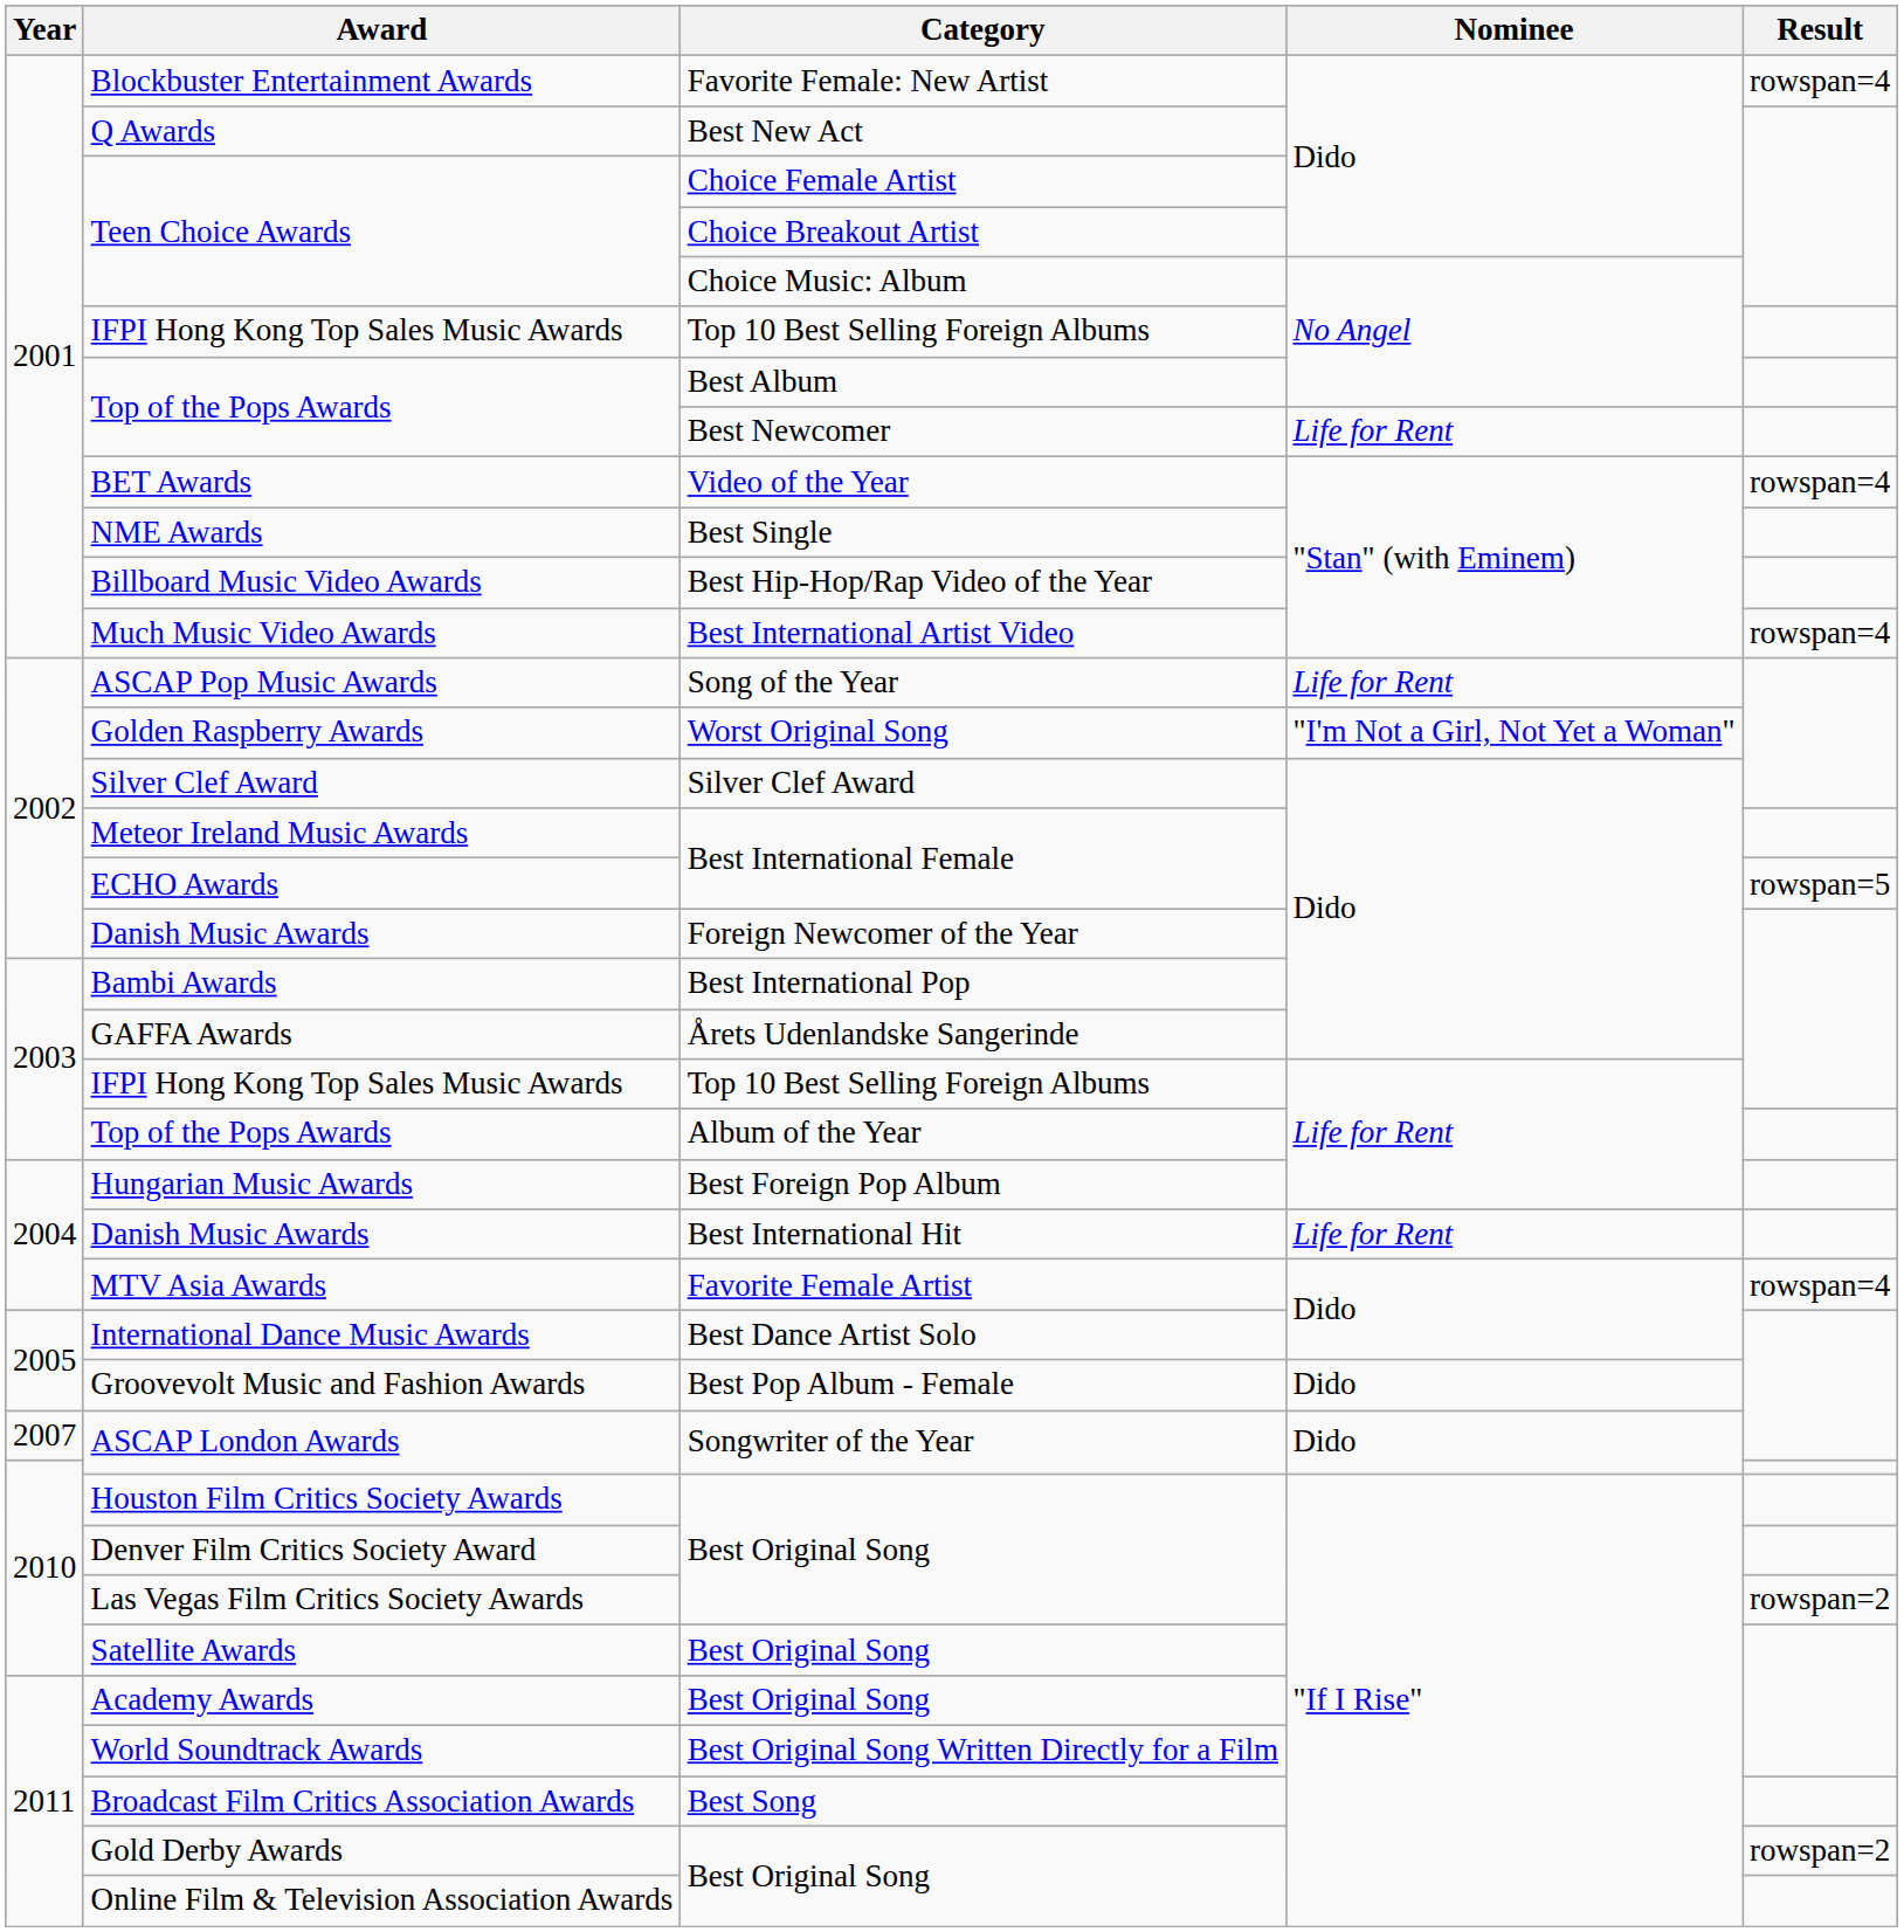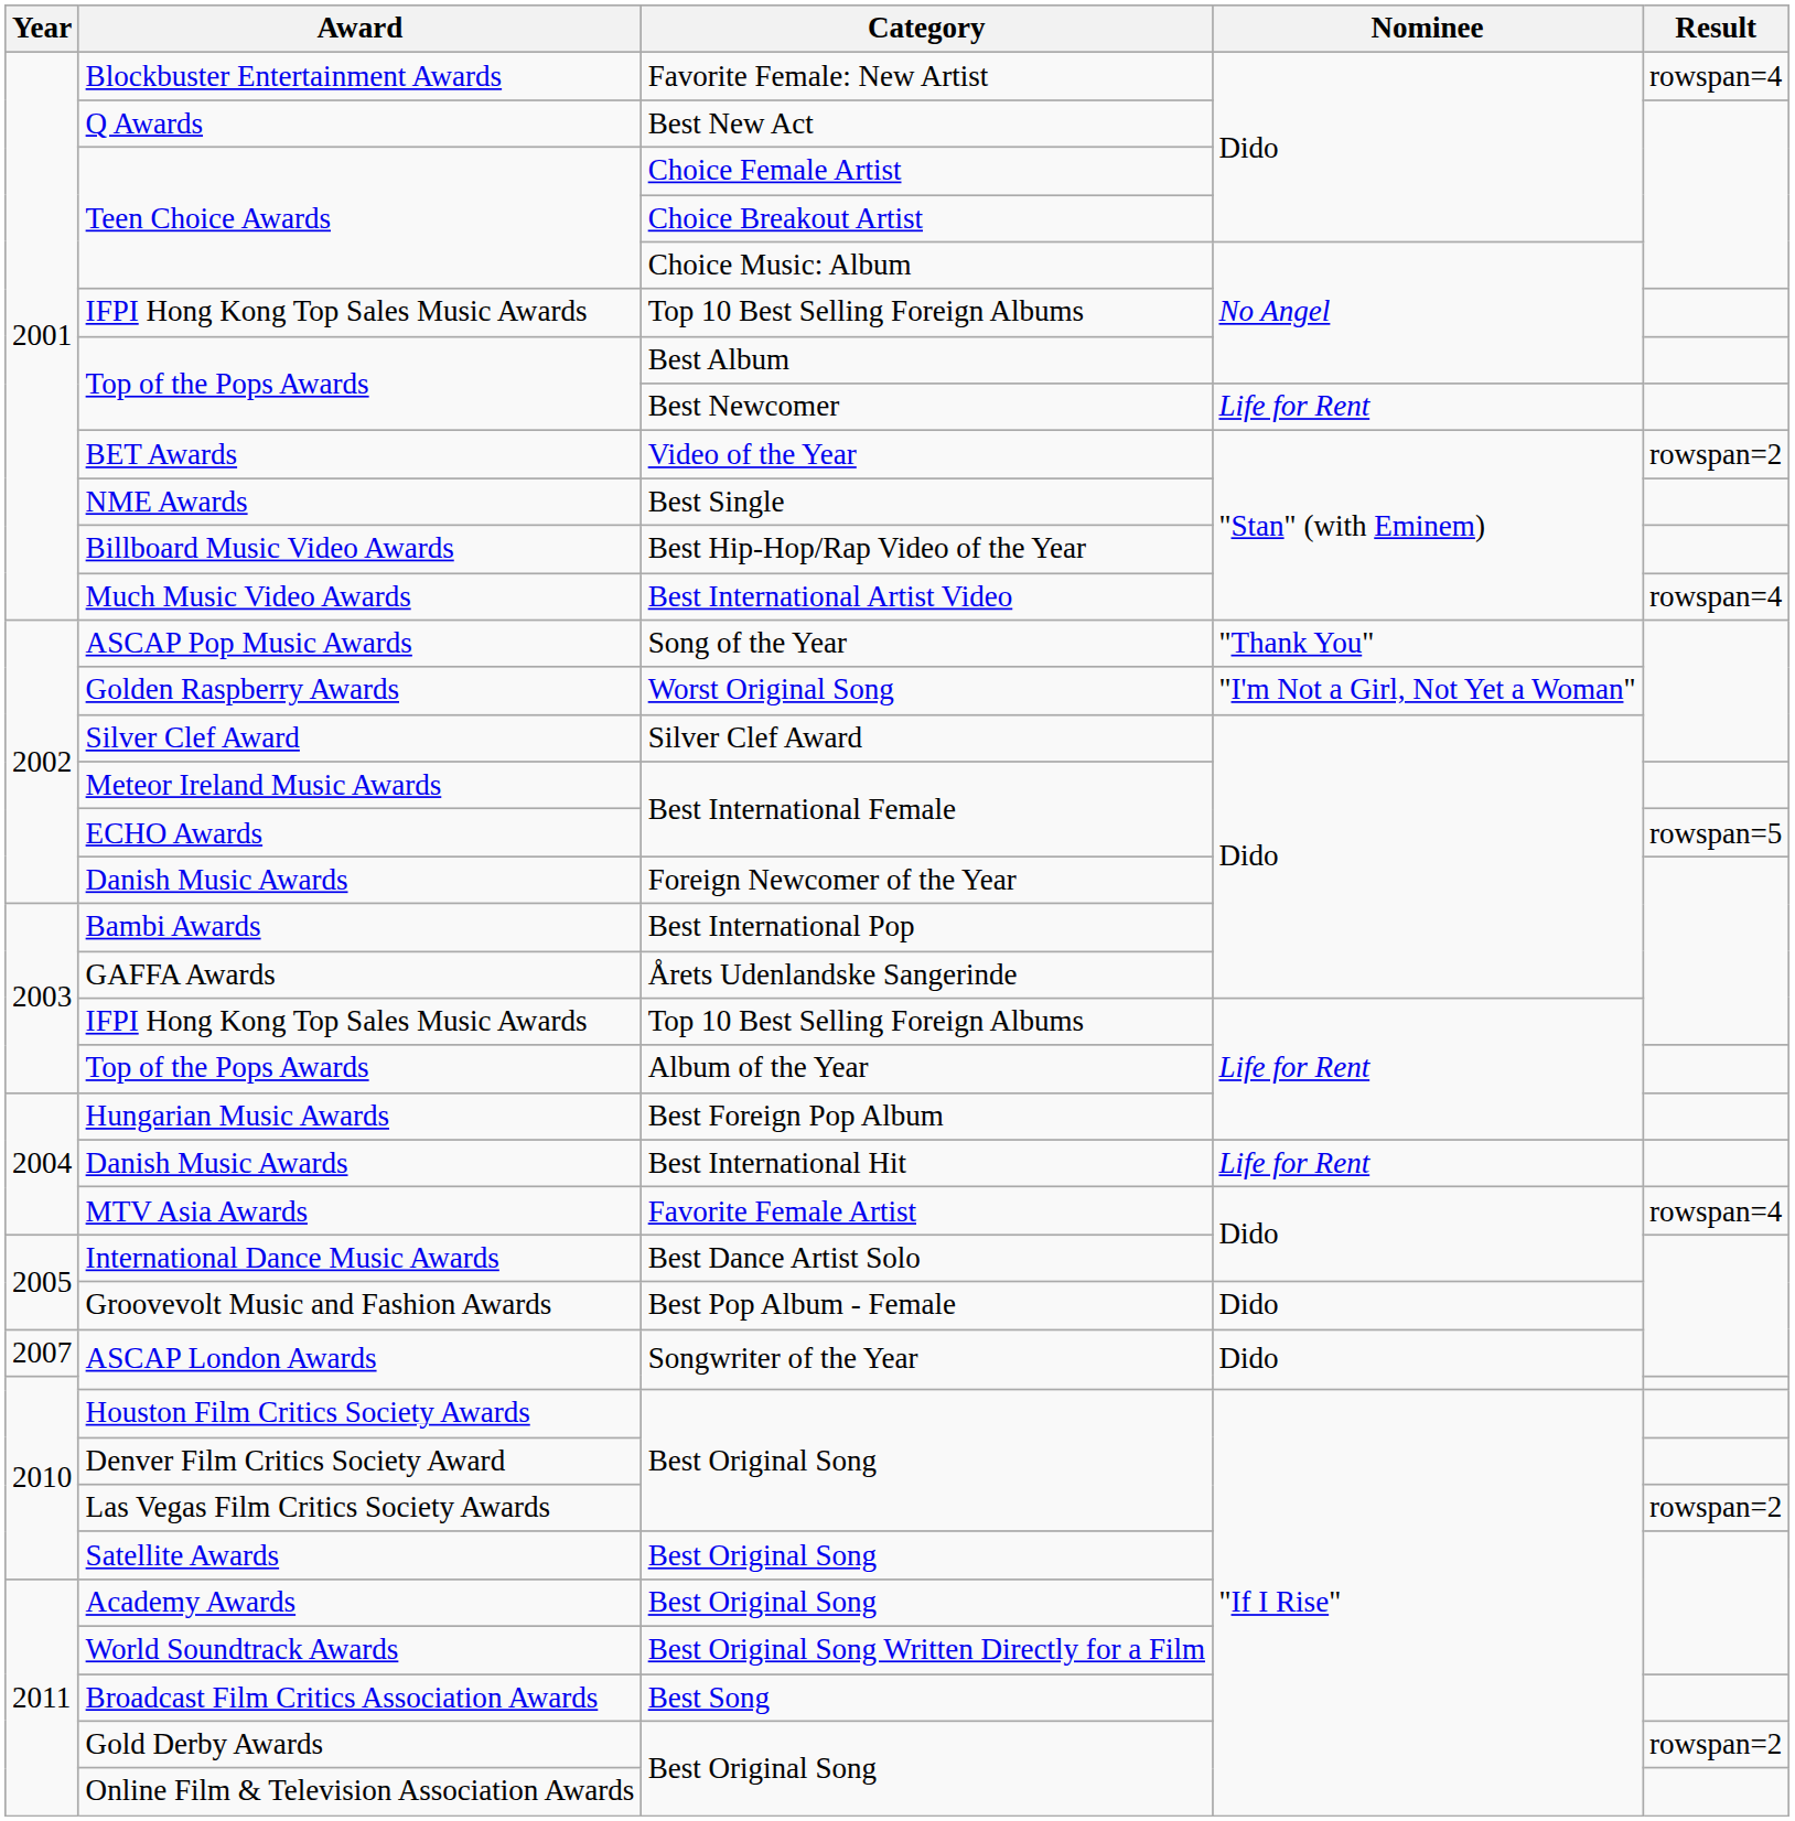 <table class="wikitable sortable">
 <tr>
 <th>Year</th>
 <th>Award</th>
 <th>Category</th>
 <th>Nominee</th>
 <th>Result</th>
 </tr>
 <tr>
 <td rowspan=12>2001</td>
 <td><a href='#'>Blockbuster Entertainment Awards</a></td>
 <td>Favorite Female: New Artist</td>
 <td rowspan=4>Dido</td>
 <td>rowspan=4 </td>
 </tr>
 <tr>
 <td><a href='#'>Q Awards</a></td>
 <td>Best New Act</td>
 </tr>
 <tr>
 <td rowspan=3><a href='#'>Teen Choice Awards</a></td>
 <td><a href='#'>Choice Female Artist</a></td>
 </tr>
 <tr>
 <td><a href='#'>Choice Breakout Artist</a></td>
 </tr>
 <tr>
 <td>Choice Music: Album</td>
 <td rowspan=3><em><a href='#'>No Angel</a></em></td>
 </tr>
 <tr>
 <td><a href='#'>IFPI</a> Hong Kong Top Sales Music Awards</td>
 <td>Top 10 Best Selling Foreign Albums</td>
 <td></td>
 </tr>
 <tr>
 <td rowspan=2><a href='#'>Top of the Pops Awards</a></td>
 <td>Best Album</td>
 <td></td>
 </tr>
 <tr>
 <td>Best Newcomer</td>
 <td><em><a href='#'>Life for Rent</a></em></td>
 <td></td>
 </tr>
 <tr>
 <td><a href='#'>BET Awards</a></td>
 <td><a href='#'>Video of the Year</a></td>
 <td rowspan=4>"<a href='#'>Stan</a>" (with <a href='#'>Eminem</a>)</td>
-<td>rowspan=4 </td>
+<td>rowspan=2 </td>
 </tr>
 <tr>
 <td><a href='#'>NME Awards</a></td>
 <td>Best Single</td>
 </tr>
 <tr>
 <td><a href='#'>Billboard Music Video Awards</a></td>
 <td>Best Hip-Hop/Rap Video of the Year</td>
 <td></td>
 </tr>
 <tr>
 <td><a href='#'>Much Music Video Awards</a></td>
 <td><a href='#'>Best International Artist Video</a></td>
 <td>rowspan=4 </td>
 </tr>
 <tr>
 <td rowspan=6>2002</td>
 <td><a href='#'>ASCAP Pop Music Awards</a></td>
 <td>Song of the Year</td>
-<td><em><a href='#'>Life for Rent</a></em></td>
+<td>"<a href='#'>Thank You</a>"</td>
 </tr>
 <tr>
 <td><a href='#'>Golden Raspberry Awards</a></td>
 <td><a href='#'>Worst Original Song</a></td>
 <td>"<a href='#'>I'm Not a Girl, Not Yet a Woman</a>"</td>
 </tr>
 <tr>
 <td><a href='#'>Silver Clef Award</a></td>
 <td>Silver Clef Award</td>
 <td rowspan=6>Dido</td>
 </tr>
 <tr>
 <td><a href='#'>Meteor Ireland Music Awards</a></td>
 <td rowspan=2>Best International Female</td>
 <td></td>
 </tr>
 <tr>
 <td><a href='#'>ECHO Awards</a></td>
 <td>rowspan=5 </td>
 </tr>
 <tr>
 <td><a href='#'>Danish Music Awards</a></td>
 <td>Foreign Newcomer of the Year</td>
 </tr>
 <tr>
 <td rowspan=4>2003</td>
 <td><a href='#'>Bambi Awards</a></td>
 <td>Best International Pop</td>
 </tr>
 <tr>
 <td>GAFFA Awards</td>
 <td>Årets Udenlandske Sangerinde</td>
 </tr>
 <tr>
 <td><a href='#'>IFPI</a> Hong Kong Top Sales Music Awards</td>
 <td>Top 10 Best Selling Foreign Albums</td>
 <td rowspan=3><em><a href='#'>Life for Rent</a></em></td>
 </tr>
 <tr>
 <td><a href='#'>Top of the Pops Awards</a></td>
 <td>Album of the Year</td>
 <td></td>
 </tr>
 <tr>
 <td rowspan=3>2004</td>
 <td><a href='#'>Hungarian Music Awards</a></td>
 <td>Best Foreign Pop Album</td>
 <td></td>
 </tr>
 <tr>
 <td><a href='#'>Danish Music Awards</a></td>
 <td>Best International Hit</td>
 <td><em><a href='#'>Life for Rent</a></em></td>
 <td></td>
 </tr>
 <tr>
 <td><a href='#'>MTV Asia Awards</a></td>
 <td><a href='#'>Favorite Female Artist</a></td>
 <td rowspan=2>Dido</td>
 <td>rowspan=4 </td>
 </tr>
 <tr>
 <td rowspan=2>2005</td>
 <td><a href='#'>International Dance Music Awards</a></td>
 <td>Best Dance Artist Solo</td>
 </tr>
 <tr>
 <td>Groovevolt Music and Fashion Awards</td>
 <td>Best Pop Album - Female</td>
 <td>Dido</td>
 </tr>
 <tr>
 <td>2007</td>
 <td rowspan=2><a href='#'>ASCAP London Awards</a></td>
 <td rowspan=2>Songwriter of the Year</td>
 <td rowspan=2>Dido</td>
 </tr>
 <tr>
 <td rowspan=5>2010</td>
 <td></td>
 </tr>
 <tr>
 <td><a href='#'>Houston Film Critics Society Awards</a></td>
 <td rowspan=3>Best Original Song</td>
 <td rowspan=9>"<a href='#'>If I Rise</a>"</td>
 <td></td>
 </tr>
 <tr>
 <td>Denver Film Critics Society Award</td>
 <td></td>
 </tr>
 <tr>
 <td>Las Vegas Film Critics Society Awards</td>
 <td>rowspan=2 </td>
 </tr>
 <tr>
 <td><a href='#'>Satellite Awards</a></td>
 <td><a href='#'>Best Original Song</a></td>
 </tr>
 <tr>
 <td rowspan=5>2011</td>
 <td><a href='#'>Academy Awards</a></td>
 <td><a href='#'>Best Original Song</a></td>
 </tr>
 <tr>
 <td><a href='#'>World Soundtrack Awards</a></td>
 <td><a href='#'>Best Original Song Written Directly for a Film</a></td>
 </tr>
 <tr>
 <td><a href='#'>Broadcast Film Critics Association Awards</a></td>
 <td><a href='#'>Best Song</a></td>
 <td></td>
 </tr>
 <tr>
 <td>Gold Derby Awards</td>
 <td rowspan=2>Best Original Song</td>
 <td>rowspan=2 </td>
 </tr>
 <tr>
 <td>Online Film & Television Association Awards</td>
 </tr>
 </table>
